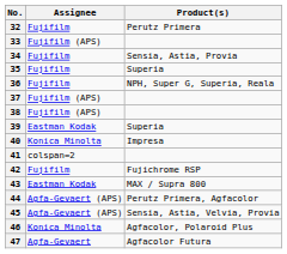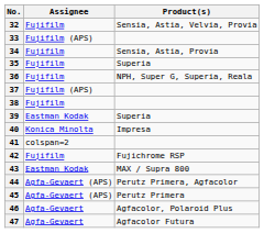 <table class="wikitable" style="font-size:75%;text-align:left;">
 <tr>
 <th>No.</th>
 <th>Assignee</th>
 <th>Product(s)</th>
 </tr>
 <tr>
 <th>32</th>
 <td><a href='#'>Fujifilm</a></td>
-<td>Perutz Primera</td>
+<td>Sensia, Astia, Velvia, Provia</td>
 </tr>
 <tr>
 <th>33</th>
 <td><a href='#'>Fujifilm</a> (APS)</td>
 <td></td>
 </tr>
 <tr>
 <th>34</th>
 <td><a href='#'>Fujifilm</a></td>
 <td>Sensia, Astia, Provia</td>
 </tr>
 <tr>
 <th>35</th>
 <td><a href='#'>Fujifilm</a></td>
 <td>Superia</td>
 </tr>
 <tr>
 <th>36</th>
 <td><a href='#'>Fujifilm</a></td>
 <td>NPH, Super G, Superia, Reala</td>
 </tr>
 <tr>
 <th>37</th>
 <td><a href='#'>Fujifilm</a> (APS)</td>
 <td></td>
 </tr>
 <tr>
 <th>38</th>
-<td><a href='#'>Fujifilm</a> (APS)</td>
+<td><a href='#'>Fujifilm</a></td>
 <td></td>
 </tr>
 <tr>
 <th>39</th>
 <td><a href='#'>Eastman Kodak</a></td>
 <td>Superia</td>
 </tr>
 <tr>
 <th>40</th>
 <td><a href='#'>Konica Minolta</a></td>
 <td>Impresa</td>
 </tr>
 <tr>
 <th>41</th>
 <td>colspan=2 </td>
 </tr>
 <tr>
 <th>42</th>
 <td><a href='#'>Fujifilm</a></td>
 <td>Fujichrome RSP</td>
 </tr>
 <tr>
 <th>43</th>
 <td><a href='#'>Eastman Kodak</a></td>
 <td>MAX / Supra 800</td>
 </tr>
 <tr>
 <th>44</th>
 <td><a href='#'>Agfa-Gevaert</a> (APS)</td>
 <td>Perutz Primera, Agfacolor</td>
 </tr>
 <tr>
 <th>45</th>
 <td><a href='#'>Agfa-Gevaert</a> (APS)</td>
-<td>Sensia, Astia, Velvia, Provia</td>
+<td>Perutz Primera</td>
 </tr>
 <tr>
 <th>46</th>
-<td><a href='#'>Konica Minolta</a></td>
+<td><a href='#'>Agfa-Gevaert</a></td>
 <td>Agfacolor, Polaroid Plus</td>
 </tr>
 <tr>
 <th>47</th>
 <td><a href='#'>Agfa-Gevaert</a></td>
 <td>Agfacolor Futura</td>
 </tr>
 </table>
